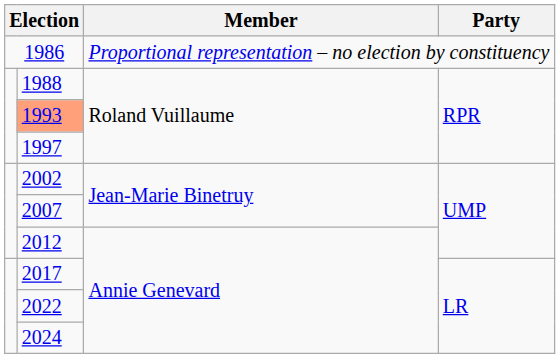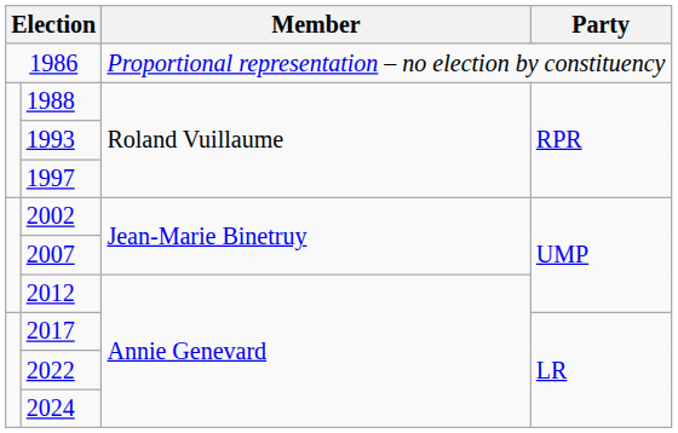 <table class="wikitable">
 <tr>
 <th colspan="2">Election</th>
 <th>Member</th>
 <th>Party</th>
 </tr>
 <tr>
 <td colspan="2" align="center"><a href='#'>1986</a></td>
 <td colspan="2"><em><a href='#'>Proportional representation</a> – no election by constituency</em></td>
 </tr>
 <tr>
 <td rowspan="3" style="color:inherit;background-color: "></td>
 <td><a href='#'>1988</a></td>
 <td rowspan="3">Roland Vuillaume</td>
 <td rowspan="3"><a href='#'>RPR</a></td>
 </tr>
 <tr>
-<td style="background: lightsalmon;"><a href='#'>1993</a></td>
+<td><a href='#'>1993</a></td>
 </tr>
 <tr>
 <td><a href='#'>1997</a></td>
 </tr>
 <tr>
 <td rowspan="3" style="color:inherit;background-color: "></td>
 <td><a href='#'>2002</a></td>
 <td rowspan="2"><a href='#'>Jean-Marie Binetruy</a></td>
 <td rowspan="3"><a href='#'>UMP</a></td>
 </tr>
 <tr>
 <td><a href='#'>2007</a></td>
 </tr>
 <tr>
 <td><a href='#'>2012</a></td>
 <td rowspan="4"><a href='#'>Annie Genevard</a></td>
 </tr>
 <tr>
 <td rowspan="3" style="color:inherit;background-color: "></td>
 <td><a href='#'>2017</a></td>
 <td rowspan="3"><a href='#'>LR</a></td>
 </tr>
 <tr>
 <td><a href='#'>2022</a></td>
 </tr>
 <tr>
 <td><a href='#'>2024</a></td>
 </tr>
 </table>
